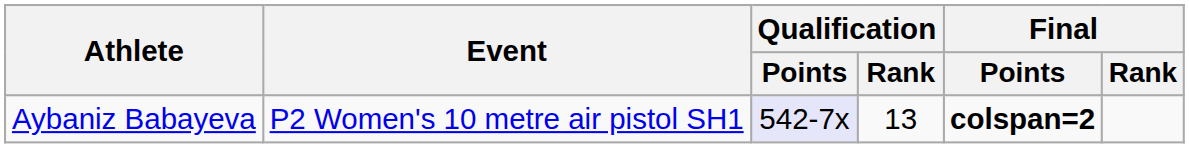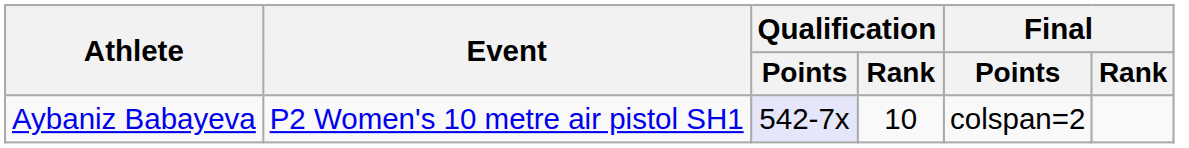 <table class="wikitable" style="font-size:90%">
 <tr>
 <th rowspan="2">Athlete</th>
 <th rowspan="2">Event</th>
 <th colspan="2">Qualification</th>
 <th colspan="2">Final</th>
 </tr>
 <tr style="font-size:95%">
 <th>Points</th>
 <th>Rank</th>
 <th>Points</th>
 <th>Rank</th>
 </tr>
 <tr align=center>
 <td align=left><a href='#'>Aybaniz Babayeva</a></td>
 <td align=left><a href='#'>P2 Women's 10 metre air pistol SH1</a></td>
 <td style="background: lavender;">542-7x</td>
-<td>13</td>
-<td><strong>colspan=2 </strong></td>
+<td>10</td>
+<td>colspan=2 </td>
 </tr>
 </table>
